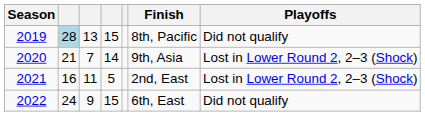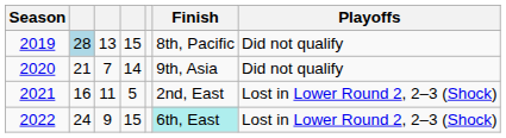 <table class="wikitable" style="text-align:center;">
 <tr>
 <th style="background:#">Season</th>
 <th style="background:#"></th>
 <th style="background:#"></th>
 <th style="background:#"></th>
 <th style="background:#"></th>
 <th style="background:#">Finish</th>
 <th style="background:#">Playoffs</th>
 </tr>
 <tr>
 <td><a href='#'>2019</a></td>
 <td style="background: lightblue;">28</td>
 <td>13</td>
 <td>15</td>
 <td></td>
 <td style="text-align:left">8th, Pacific</td>
 <td style="text-align:left">Did not qualify</td>
 </tr>
 <tr>
 <td><a href='#'>2020</a></td>
 <td>21</td>
 <td>7</td>
 <td>14</td>
 <td></td>
 <td style="text-align:left">9th, Asia</td>
-<td style="text-align:left">Lost in <a href='#'>Lower Round 2</a>, 2–3 (<a href='#'>Shock</a>)</td>
+<td style="text-align:left">Did not qualify</td>
 </tr>
 <tr>
 <td><a href='#'>2021</a></td>
 <td>16</td>
 <td>11</td>
 <td>5</td>
 <td></td>
 <td style="text-align:left">2nd, East</td>
 <td style="text-align:left">Lost in <a href='#'>Lower Round 2</a>, 2–3 (<a href='#'>Shock</a>)</td>
 </tr>
 <tr>
 <td><a href='#'>2022</a></td>
 <td>24</td>
 <td>9</td>
 <td>15</td>
 <td></td>
-<td style="text-align:left">6th, East</td>
-<td style="text-align:left">Did not qualify</td>
+<td style="background: paleturquoise; text-align:left">6th, East</td>
+<td style="text-align:left">Lost in <a href='#'>Lower Round 2</a>, 2–3 (<a href='#'>Shock</a>)</td>
 </tr>
 </table>
